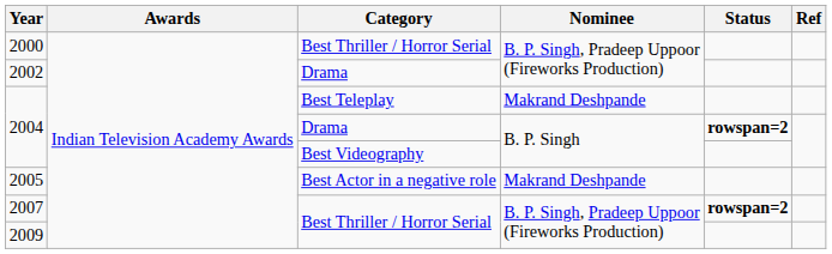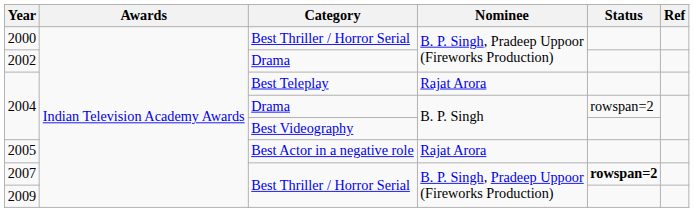 <table class="wikitable sortable">
 <tr>
 <th>Year</th>
 <th>Awards</th>
 <th>Category</th>
 <th>Nominee</th>
 <th>Status</th>
 <th>Ref</th>
 </tr>
 <tr>
 <td>2000</td>
 <td rowspan=8><a href='#'>Indian Television Academy Awards</a></td>
 <td><a href='#'>Best Thriller / Horror Serial</a></td>
 <td rowspan=2><a href='#'>B. P. Singh</a>, Pradeep Uppoor <br> (Fireworks Production)</td>
 <td></td>
 <td></td>
 </tr>
 <tr>
 <td>2002</td>
 <td><a href='#'>Drama</a></td>
 <td></td>
 <td></td>
 </tr>
 <tr>
 <td rowspan=3>2004</td>
 <td><a href='#'>Best Teleplay</a></td>
-<td><a href='#'>Makrand Deshpande</a></td>
+<td><a href='#'>Rajat Arora</a></td>
 <td></td>
 <td></td>
 </tr>
 <tr>
 <td><a href='#'>Drama</a></td>
 <td rowspan=2>B. P. Singh</td>
-<td><strong>rowspan=2 </strong></td>
+<td>rowspan=2 </td>
 <td rowspan=2></td>
 </tr>
 <tr>
 <td><a href='#'>Best Videography</a></td>
 </tr>
 <tr>
 <td>2005</td>
 <td><a href='#'>Best Actor in a negative role</a></td>
-<td><a href='#'>Makrand Deshpande</a></td>
+<td><a href='#'>Rajat Arora</a></td>
 <td></td>
 <td></td>
 </tr>
 <tr>
 <td>2007</td>
 <td rowspan=2><a href='#'>Best Thriller / Horror Serial</a></td>
 <td rowspan=2><a href='#'>B. P. Singh</a>, <a href='#'>Pradeep Uppoor</a> <br> (Fireworks Production)</td>
 <td><strong>rowspan=2 </strong></td>
 <td></td>
 </tr>
 <tr>
 <td>2009</td>
 <td></td>
 </tr>
 </table>
